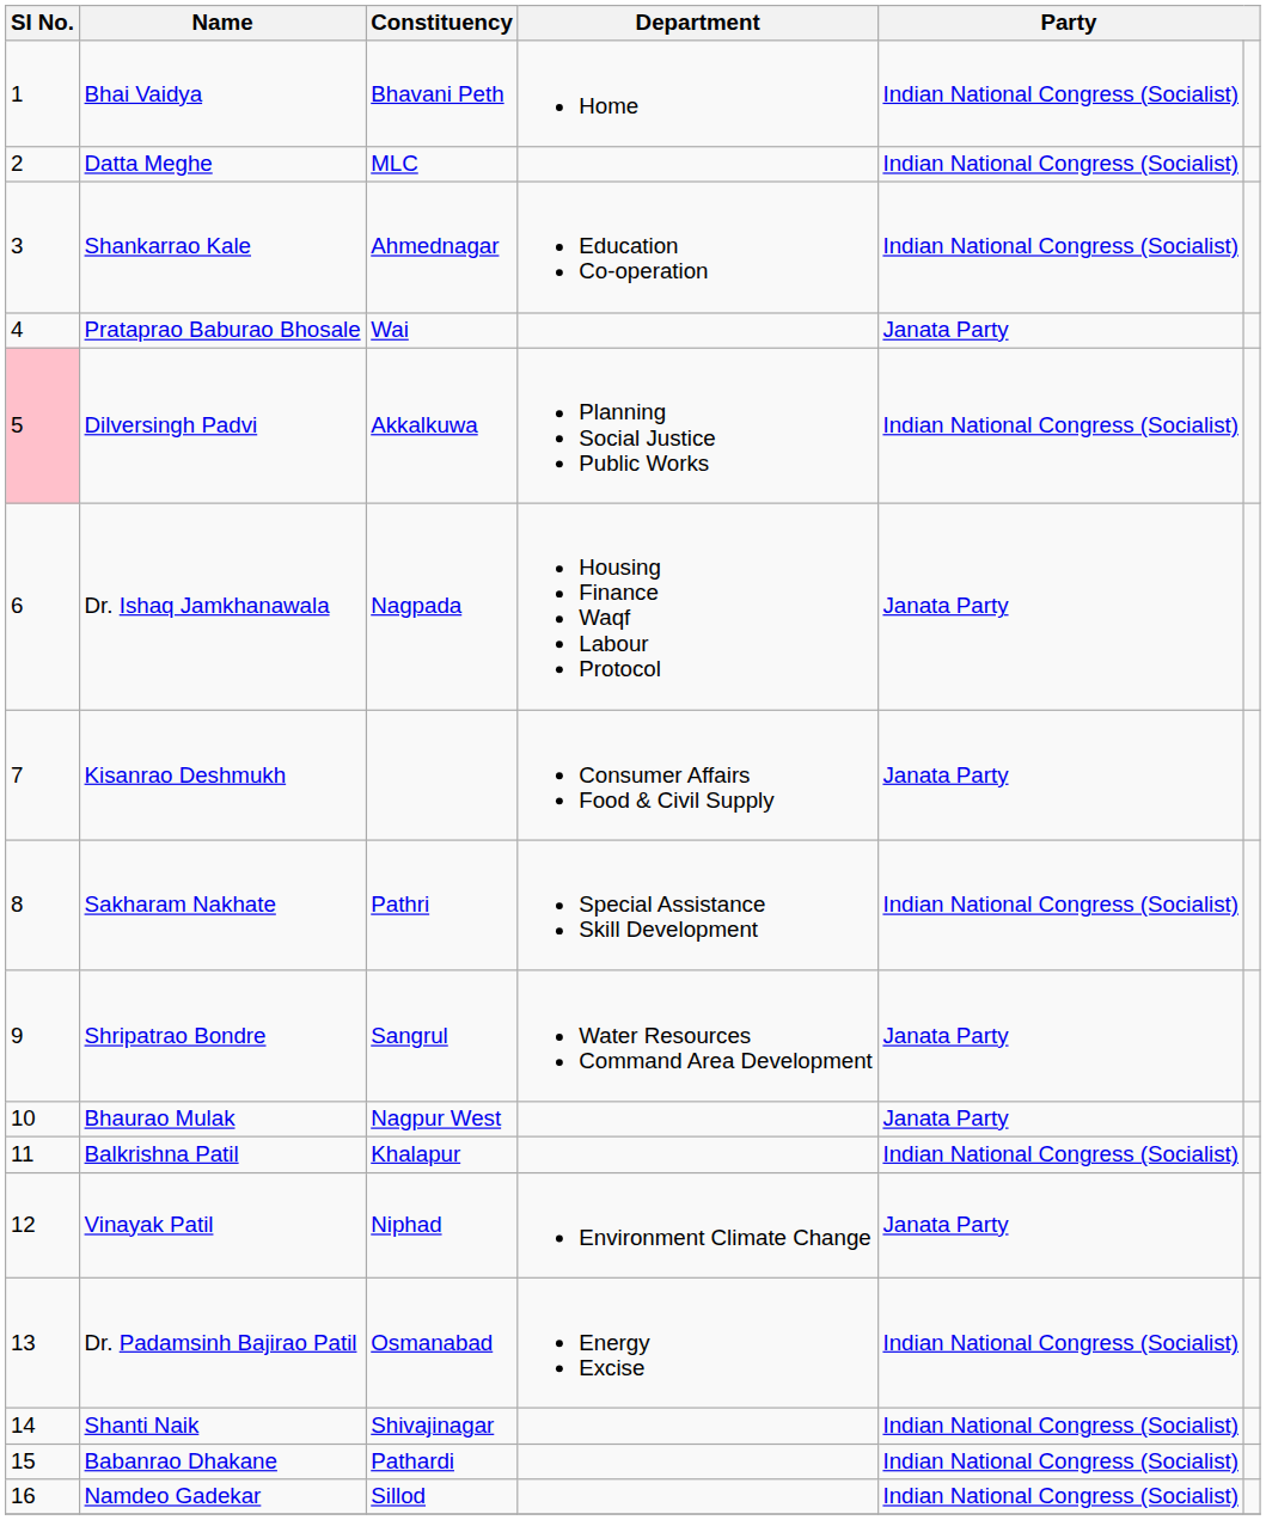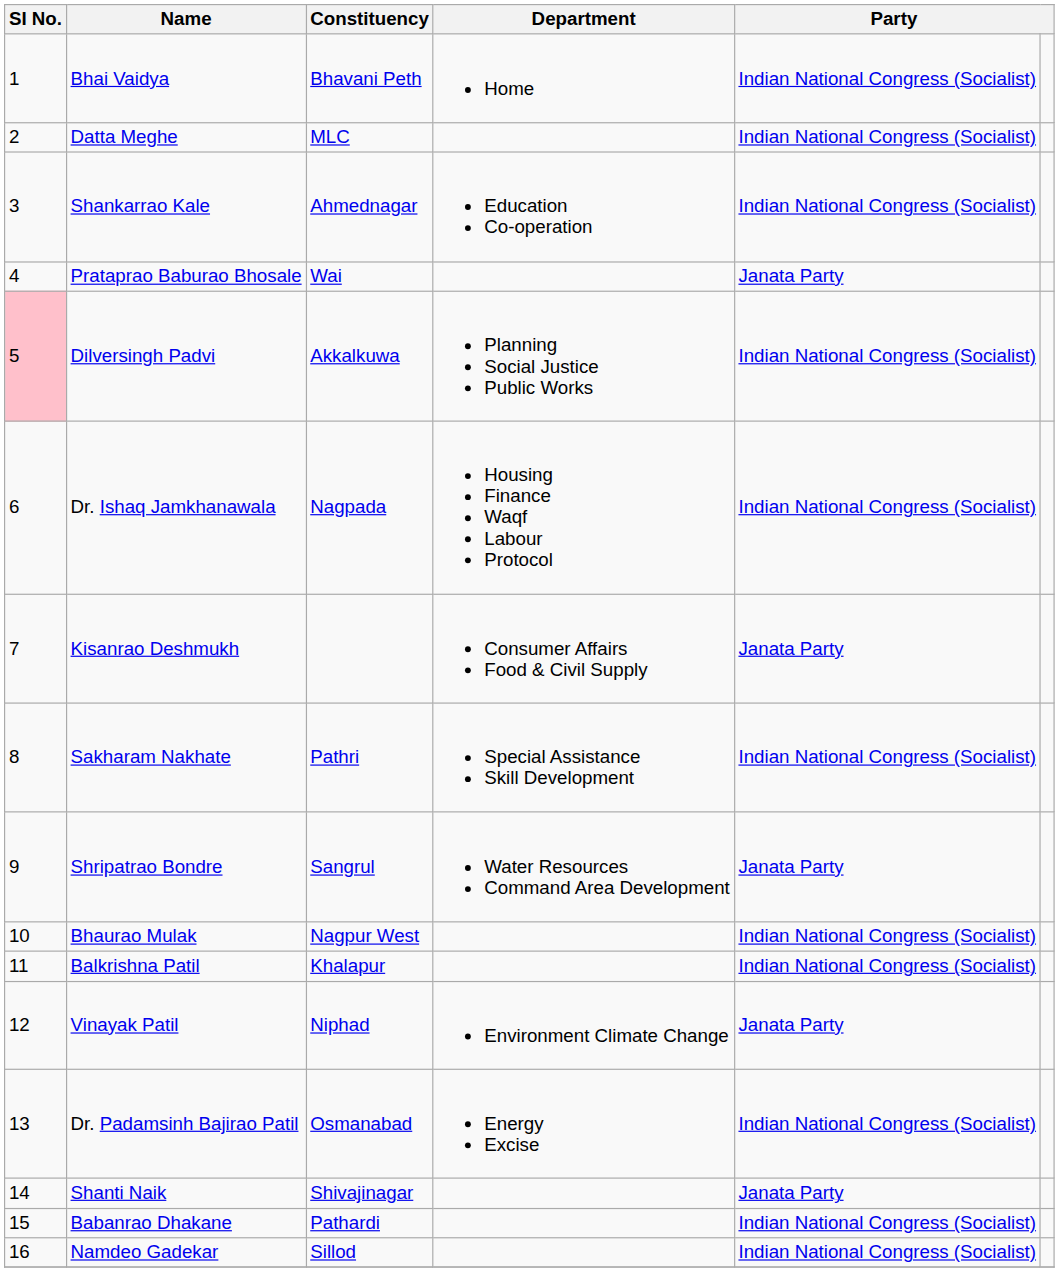 <table class="wikitable sortable">
 <tr>
 <th>SI No.</th>
 <th>Name</th>
 <th>Constituency</th>
 <th>Department</th>
 <th colspan="2" scope="col">Party</th>
 </tr>
 <tr>
 <td>1</td>
 <td><a href='#'>Bhai Vaidya</a></td>
 <td><a href='#'>Bhavani Peth</a></td>
 <td><br><ul><li>Home</li></ul></td>
 <td><a href='#'>Indian National Congress (Socialist)</a></td>
 <td width="4px"></td>
 </tr>
 <tr>
 <td>2</td>
 <td><a href='#'>Datta Meghe</a></td>
 <td><a href='#'>MLC</a></td>
 <td></td>
 <td><a href='#'>Indian National Congress (Socialist)</a></td>
 <td width="4px"></td>
 </tr>
 <tr>
 <td>3</td>
 <td><a href='#'>Shankarrao Kale</a></td>
 <td><a href='#'>Ahmednagar</a></td>
 <td><br><ul><li>Education</li><li>Co-operation</li></ul></td>
 <td><a href='#'>Indian National Congress (Socialist)</a></td>
 <td width="4px"></td>
 </tr>
 <tr>
 <td>4</td>
 <td><a href='#'>Prataprao Baburao Bhosale</a></td>
 <td><a href='#'>Wai</a></td>
 <td></td>
 <td><a href='#'>Janata Party</a></td>
 <td width="4px"></td>
 </tr>
 <tr>
 <td style="background: pink;">5</td>
 <td><a href='#'>Dilversingh Padvi</a></td>
 <td><a href='#'>Akkalkuwa</a></td>
 <td><br><ul><li>Planning</li><li>Social Justice</li><li>Public Works</li></ul></td>
 <td><a href='#'>Indian National Congress (Socialist)</a></td>
 <td width="4px"></td>
 </tr>
 <tr>
 <td>6</td>
 <td>Dr. <a href='#'>Ishaq Jamkhanawala</a></td>
 <td><a href='#'>Nagpada</a></td>
 <td><br><ul><li>Housing</li><li>Finance</li><li>Waqf</li><li>Labour</li><li>Protocol</li></ul></td>
-<td><a href='#'>Janata Party</a></td>
+<td><a href='#'>Indian National Congress (Socialist)</a></td>
 <td width="4px"></td>
 </tr>
 <tr>
 <td>7</td>
 <td><a href='#'>Kisanrao Deshmukh</a></td>
 <td></td>
 <td><br><ul><li>Consumer Affairs</li><li>Food & Civil Supply</li></ul></td>
 <td><a href='#'>Janata Party</a></td>
 <td width="4px"></td>
 </tr>
 <tr>
 <td>8</td>
 <td><a href='#'>Sakharam Nakhate</a></td>
 <td><a href='#'>Pathri</a></td>
 <td><br><ul><li>Special Assistance</li><li>Skill Development</li></ul></td>
 <td><a href='#'>Indian National Congress (Socialist)</a></td>
 <td width="4px"></td>
 </tr>
 <tr>
 <td>9</td>
 <td><a href='#'>Shripatrao Bondre</a></td>
 <td><a href='#'>Sangrul</a></td>
 <td><br><ul><li>Water Resources</li><li>Command Area Development</li></ul></td>
 <td><a href='#'>Janata Party</a></td>
 <td width="4px"></td>
 </tr>
 <tr>
 <td>10</td>
 <td><a href='#'>Bhaurao Mulak</a></td>
 <td><a href='#'>Nagpur West</a></td>
 <td></td>
-<td><a href='#'>Janata Party</a></td>
+<td><a href='#'>Indian National Congress (Socialist)</a></td>
 <td width="4px"></td>
 </tr>
 <tr>
 <td>11</td>
 <td><a href='#'>Balkrishna Patil</a></td>
 <td><a href='#'>Khalapur</a></td>
 <td></td>
 <td><a href='#'>Indian National Congress (Socialist)</a></td>
 <td width="4px"></td>
 </tr>
 <tr>
 <td>12</td>
 <td><a href='#'>Vinayak Patil</a></td>
 <td><a href='#'>Niphad</a></td>
 <td><br><ul><li>Environment  Climate Change</li></ul></td>
 <td><a href='#'>Janata Party</a></td>
 <td width="4px"></td>
 </tr>
 <tr>
 <td>13</td>
 <td>Dr. <a href='#'>Padamsinh Bajirao Patil</a></td>
 <td><a href='#'>Osmanabad</a></td>
 <td><br><ul><li>Energy</li><li>Excise</li></ul></td>
 <td><a href='#'>Indian National Congress (Socialist)</a></td>
 <td width="4px"></td>
 </tr>
 <tr>
 <td>14</td>
 <td><a href='#'>Shanti Naik</a></td>
 <td><a href='#'>Shivajinagar</a></td>
 <td></td>
-<td><a href='#'>Indian National Congress (Socialist)</a></td>
+<td><a href='#'>Janata Party</a></td>
 <td width="4px"></td>
 </tr>
 <tr>
 <td>15</td>
 <td><a href='#'>Babanrao Dhakane</a></td>
 <td><a href='#'>Pathardi</a></td>
 <td></td>
 <td><a href='#'>Indian National Congress (Socialist)</a></td>
 <td width="4px"></td>
 </tr>
 <tr>
 <td>16</td>
 <td><a href='#'>Namdeo Gadekar</a></td>
 <td><a href='#'>Sillod</a></td>
 <td></td>
 <td><a href='#'>Indian National Congress (Socialist)</a></td>
 <td width="4px"></td>
 </tr>
 <tr>
 </tr>
 </table>
